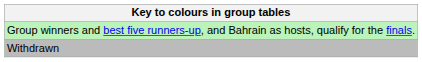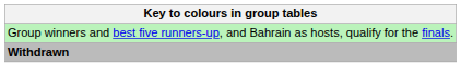 <table class="wikitable">
 <tr>
 <th>Key to colours in group tables</th>
 </tr>
 <tr style="background-color:#BBF3BB;">
 <td>Group winners and <a href='#'>best five runners-up</a>, and Bahrain as hosts, qualify for the <a href='#'>finals</a>.</td>
 </tr>
 <tr style="background-color:#BBBBBB;">
-<td>Withdrawn</td>
+<td><strong>Withdrawn</strong></td>
 </tr>
 </table>
